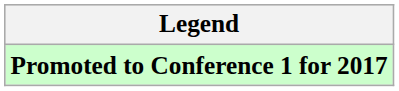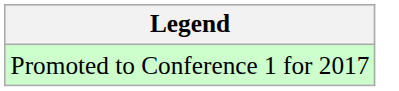 <table class="wikitable">
 <tr>
 <th>Legend</th>
 </tr>
 <tr bgcolor=ccffcc>
-<td><strong>Promoted to Conference 1 for 2017</strong></td>
+<td>Promoted to Conference 1 for 2017</td>
 </tr>
 </table>
